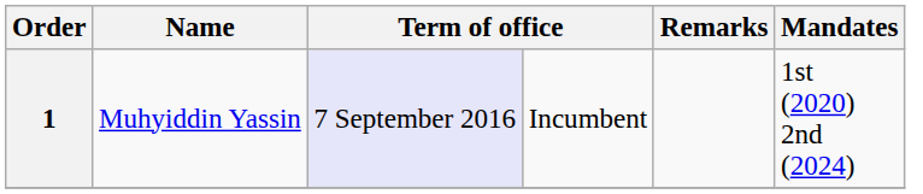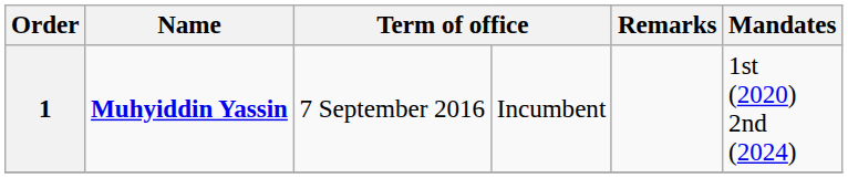 <table class="wikitable">
 <tr>
 <th>Order</th>
 <th>Name</th>
 <th colspan="2">Term of office</th>
 <th>Remarks</th>
 <th>Mandates</th>
 </tr>
 <tr>
 <th>1</th>
-<td><a href='#'>Muhyiddin Yassin</a></td>
-<td style="background: lavender;">7 September 2016</td>
+<td><strong><a href='#'>Muhyiddin Yassin</a></strong></td>
+<td>7 September 2016</td>
 <td>Incumbent</td>
 <td></td>
 <td>1st <br> (<a href='#'>2020</a>) <br> 2nd <br> (<a href='#'>2024</a>)</td>
 </tr>
 <tr>
 </tr>
 </table>
